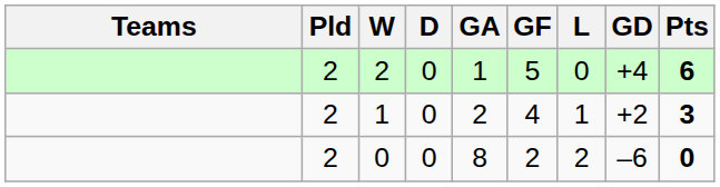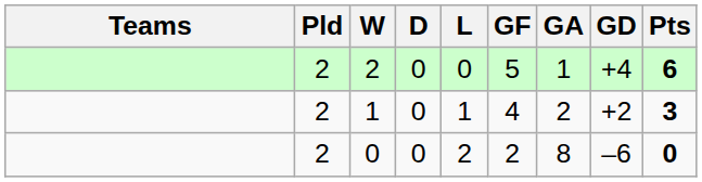 <table class="wikitable" style="text-align: center;">
 <tr>
 <th width=165>Teams</th>
 <th width=20>Pld</th>
 <th width=20>W</th>
 <th width=20>D</th>
+<th width=20>L</th>
+<th width=20>GF</th>
 <th width=20>GA</th>
-<th width=20>GF</th>
-<th width=20>L</th>
 <th width=20>GD</th>
 <th width=20>Pts</th>
 </tr>
 <tr align=center style="background:#ccffcc;">
 <td style="text-align:left;"></td>
 <td>2</td>
 <td>2</td>
 <td>0</td>
+<td>0</td>
+<td>5</td>
 <td>1</td>
-<td>5</td>
-<td>0</td>
 <td>+4</td>
 <td><strong>6</strong></td>
 </tr>
 <tr align=center>
 <td style="text-align:left;"></td>
 <td>2</td>
 <td>1</td>
 <td>0</td>
+<td>1</td>
+<td>4</td>
 <td>2</td>
-<td>4</td>
-<td>1</td>
 <td>+2</td>
 <td><strong>3</strong></td>
 </tr>
 <tr align=center>
 <td style="text-align:left;"></td>
 <td>2</td>
 <td>0</td>
 <td>0</td>
-<td>8</td>
 <td>2</td>
 <td>2</td>
+<td>8</td>
 <td>–6</td>
 <td><strong>0</strong></td>
 </tr>
 </table>
